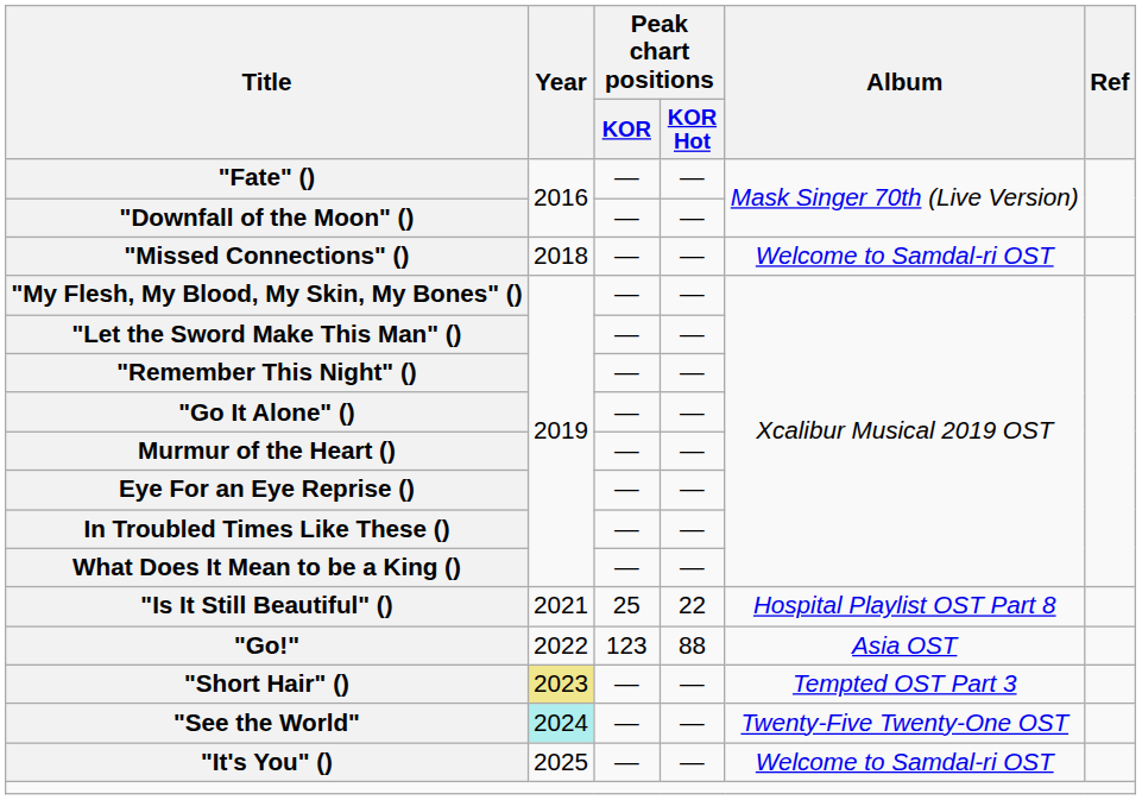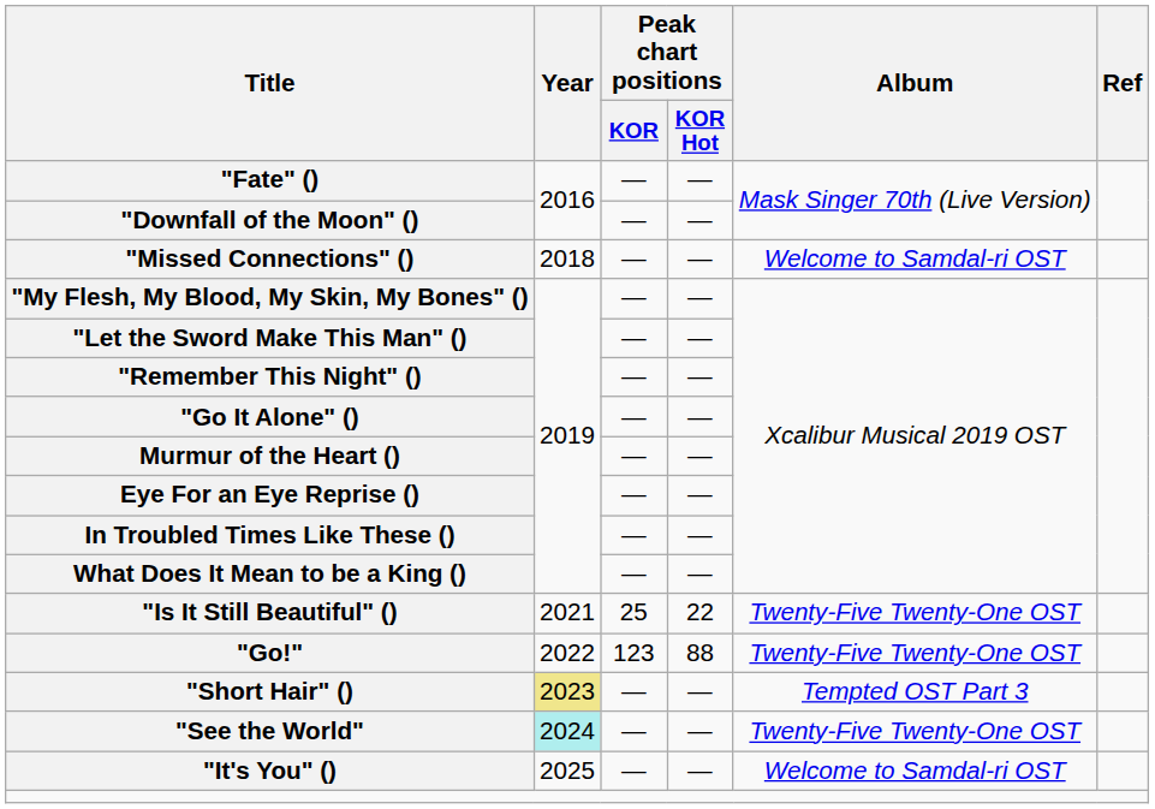 <table class="wikitable plainrowheaders" style="text-align:center">
 <tr>
 <th scope="col" rowspan="2">Title</th>
 <th scope="col" rowspan="2">Year</th>
 <th scope="col" colspan="2">Peak chart positions</th>
 <th scope="col" rowspan="2">Album</th>
 <th rowspan="2">Ref</th>
 </tr>
 <tr>
 <th scope="col" colspan="1" style="width:2.5em;font-size:90%"><a href='#'>KOR</a><br></th>
 <th scope="col" style="width:2.5em;font-size:90%"><a href='#'>KOR Hot</a><br></th>
 </tr>
 <tr>
 <th scope="row">"Fate" ()<br></th>
 <td rowspan="2">2016</td>
 <td>—</td>
 <td>—</td>
 <td rowspan="2"><em><a href='#'>Mask Singer 70th</a> (Live Version)</em></td>
 <td rowspan="2"><em></em></td>
 </tr>
 <tr>
 <th scope="row">"Downfall of the Moon" ()<br></th>
 <td>—</td>
 <td>—</td>
 </tr>
 <tr>
 <th scope="row">"Missed Connections" ()</th>
 <td>2018</td>
 <td>—</td>
 <td>—</td>
 <td><em><a href='#'>Welcome to Samdal-ri OST</a></em></td>
 <td></td>
 </tr>
 <tr>
 <th scope="row">"My Flesh, My Blood, My Skin, My Bones"  ()</th>
 <td rowspan="8">2019</td>
 <td>—</td>
 <td>—</td>
 <td rowspan="8"><em>Xcalibur Musical 2019 OST</em></td>
 <td rowspan="8"><em></em><br><em></em> <em></em> <em></em></td>
 </tr>
 <tr>
 <th scope="row">"Let the Sword Make This Man" ()<br></th>
 <td>—</td>
 <td>—</td>
 </tr>
 <tr>
 <th scope="row">"Remember This Night" ()<br></th>
 <td>—</td>
 <td>—</td>
 </tr>
 <tr>
 <th scope="row">"Go It Alone" ()<br></th>
 <td>—</td>
 <td>—</td>
 </tr>
 <tr>
 <th scope="row">Murmur of the Heart ()</th>
 <td>—</td>
 <td>—</td>
 </tr>
 <tr>
 <th scope="row">Eye For an Eye Reprise ()<br></th>
 <td>—</td>
 <td>—</td>
 </tr>
 <tr>
 <th scope="row">In Troubled Times Like These ()<br></th>
 <td>—</td>
 <td>—</td>
 </tr>
 <tr>
 <th scope="row">What Does It Mean to be a King ()</th>
 <td>—</td>
 <td>—</td>
 </tr>
 <tr>
 <th scope="row">"Is It Still Beautiful" ()<br></th>
 <td>2021</td>
 <td>25</td>
 <td>22</td>
-<td><em> <a href='#'>Hospital Playlist OST Part 8</a></em></td>
+<td><em><a href='#'>Twenty-Five Twenty-One OST</a></em></td>
 <td></td>
 </tr>
 <tr>
 <th scope="row">"Go!"</th>
 <td>2022</td>
 <td>123</td>
 <td>88</td>
-<td><em><a href='#'>Asia OST</a></em></td>
+<td><em><a href='#'>Twenty-Five Twenty-One OST</a></em></td>
 <td></td>
 </tr>
 <tr>
 <th scope="row">"Short Hair" ()</th>
 <td style="background: khaki;">2023</td>
 <td>—</td>
 <td>—</td>
 <td><em><a href='#'>Tempted OST Part 3</a></em></td>
 <td></td>
 </tr>
 <tr>
 <th scope="row">"See the World"<br></th>
 <td style="background: paleturquoise;">2024</td>
 <td>—</td>
 <td>—</td>
 <td><em><a href='#'>Twenty-Five Twenty-One OST</a></em></td>
 <td></td>
 </tr>
 <tr>
 <th scope="row">"It's You" ()</th>
 <td>2025</td>
 <td>—</td>
 <td>—</td>
 <td><em><a href='#'>Welcome to Samdal-ri OST</a></em></td>
 <td></td>
 </tr>
 <tr>
 <td colspan="6"></td>
 </tr>
 </table>
